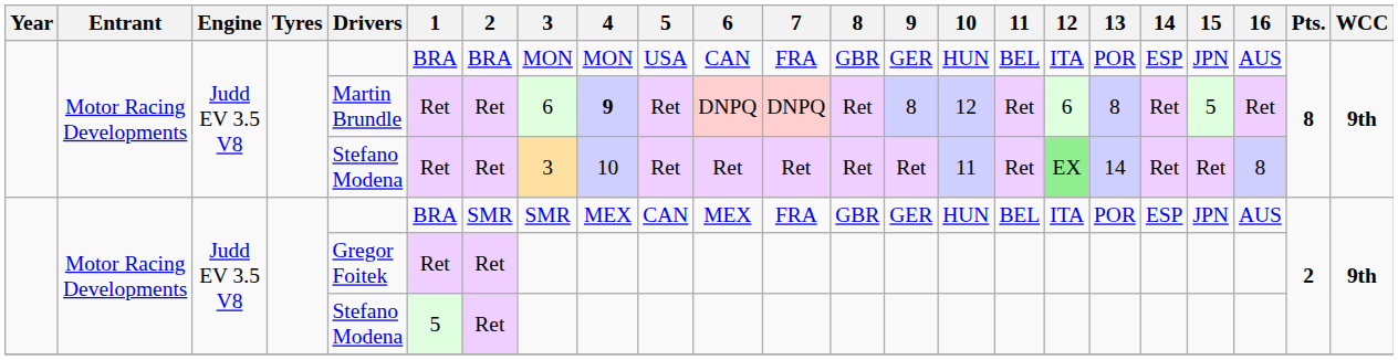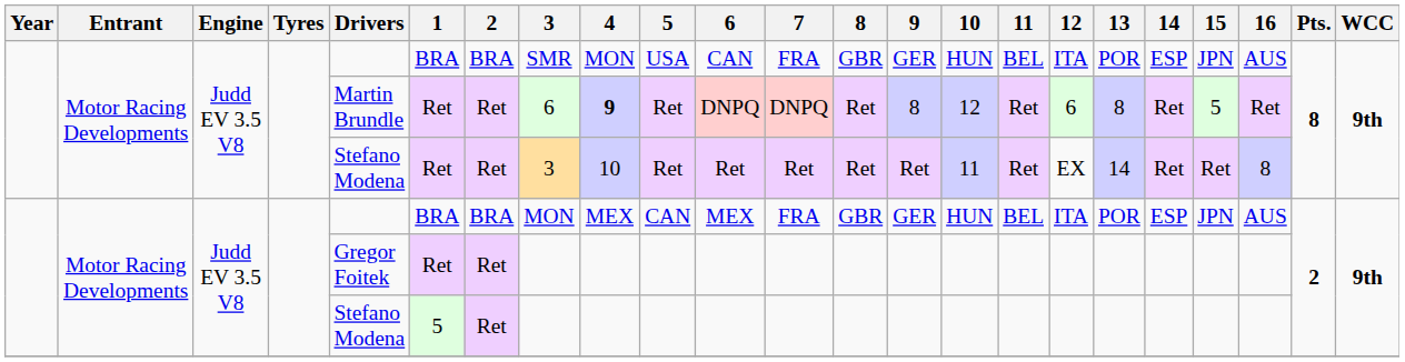 <table class="wikitable" style="text-align:center; font-size:95%">
 <tr>
 <th>Year</th>
 <th>Entrant</th>
 <th>Engine</th>
 <th>Tyres</th>
 <th>Drivers</th>
 <th>1</th>
 <th>2</th>
 <th>3</th>
 <th>4</th>
 <th>5</th>
 <th>6</th>
 <th>7</th>
 <th>8</th>
 <th>9</th>
 <th>10</th>
 <th>11</th>
 <th>12</th>
 <th>13</th>
 <th>14</th>
 <th>15</th>
 <th>16</th>
 <th>Pts.</th>
 <th>WCC</th>
 </tr>
 <tr>
 <td rowspan="3"></td>
 <td rowspan="3"><a href='#'>Motor Racing Developments</a></td>
 <td rowspan="3"><a href='#'>Judd</a><br>EV 3.5 <a href='#'>V8</a></td>
 <td rowspan="3"></td>
 <td></td>
 <td><a href='#'>BRA</a></td>
 <td><a href='#'>BRA</a></td>
-<td><a href='#'>MON</a></td>
+<td><a href='#'>SMR</a></td>
 <td><a href='#'>MON</a></td>
 <td><a href='#'>USA</a></td>
 <td><a href='#'>CAN</a></td>
 <td><a href='#'>FRA</a></td>
 <td><a href='#'>GBR</a></td>
 <td><a href='#'>GER</a></td>
 <td><a href='#'>HUN</a></td>
 <td><a href='#'>BEL</a></td>
 <td><a href='#'>ITA</a></td>
 <td><a href='#'>POR</a></td>
 <td><a href='#'>ESP</a></td>
 <td><a href='#'>JPN</a></td>
 <td><a href='#'>AUS</a></td>
 <td rowspan="3"><strong>8</strong></td>
 <td rowspan="3"><strong>9th</strong></td>
 </tr>
 <tr>
 <td align="left"><a href='#'>Martin Brundle</a></td>
 <td style="background:#efcfff;">Ret</td>
 <td style="background:#efcfff;">Ret</td>
 <td style="background:#dfffdf;">6</td>
 <td style="background:#cfcfff;"><strong>9</strong></td>
 <td style="background:#efcfff;">Ret</td>
 <td style="background:#ffcfcf;">DNPQ</td>
 <td style="background:#ffcfcf;">DNPQ</td>
 <td style="background:#efcfff;">Ret</td>
 <td style="background:#cfcfff;">8</td>
 <td style="background:#cfcfff;">12</td>
 <td style="background:#efcfff;">Ret</td>
 <td style="background:#dfffdf;">6</td>
 <td style="background:#cfcfff;">8</td>
 <td style="background:#efcfff;">Ret</td>
 <td style="background:#dfffdf;">5</td>
 <td style="background:#efcfff;">Ret</td>
 </tr>
 <tr>
 <td align="left"><a href='#'>Stefano Modena</a></td>
 <td style="background:#efcfff;">Ret</td>
 <td style="background:#efcfff;">Ret</td>
 <td style="background:#ffdf9f;">3</td>
 <td style="background:#cfcfff;">10</td>
 <td style="background:#efcfff;">Ret</td>
 <td style="background:#efcfff;">Ret</td>
 <td style="background:#efcfff;">Ret</td>
 <td style="background:#efcfff;">Ret</td>
 <td style="background:#efcfff;">Ret</td>
 <td style="background:#cfcfff;">11</td>
 <td style="background:#efcfff;">Ret</td>
-<td style="background: lightgreen;">EX</td>
+<td>EX</td>
 <td style="background:#cfcfff;">14</td>
 <td style="background:#efcfff;">Ret</td>
 <td style="background:#efcfff;">Ret</td>
 <td style="background:#cfcfff;">8</td>
 </tr>
 <tr>
 <td rowspan="3"></td>
 <td rowspan="3"><a href='#'>Motor Racing Developments</a></td>
 <td rowspan="3"><a href='#'>Judd</a><br>EV 3.5 <a href='#'>V8</a></td>
 <td rowspan="3"></td>
 <td></td>
 <td><a href='#'>BRA</a></td>
-<td><a href='#'>SMR</a></td>
-<td><a href='#'>SMR</a></td>
+<td><a href='#'>BRA</a></td>
+<td><a href='#'>MON</a></td>
 <td><a href='#'>MEX</a></td>
 <td><a href='#'>CAN</a></td>
 <td><a href='#'>MEX</a></td>
 <td><a href='#'>FRA</a></td>
 <td><a href='#'>GBR</a></td>
 <td><a href='#'>GER</a></td>
 <td><a href='#'>HUN</a></td>
 <td><a href='#'>BEL</a></td>
 <td><a href='#'>ITA</a></td>
 <td><a href='#'>POR</a></td>
 <td><a href='#'>ESP</a></td>
 <td><a href='#'>JPN</a></td>
 <td><a href='#'>AUS</a></td>
 <td rowspan="3"><strong>2</strong></td>
 <td rowspan="3"><strong>9th</strong></td>
 </tr>
 <tr>
 <td align="left"><a href='#'>Gregor Foitek</a></td>
 <td style="background:#efcfff;">Ret</td>
 <td style="background:#efcfff;">Ret</td>
 <td></td>
 <td></td>
 <td></td>
 <td></td>
 <td></td>
 <td></td>
 <td></td>
 <td></td>
 <td></td>
 <td></td>
 <td></td>
 <td></td>
 <td></td>
 <td></td>
 </tr>
 <tr>
 <td align="left"><a href='#'>Stefano Modena</a></td>
 <td style="background:#dfffdf;">5</td>
 <td style="background:#efcfff;">Ret</td>
 <td></td>
 <td></td>
 <td></td>
 <td></td>
 <td></td>
 <td></td>
 <td></td>
 <td></td>
 <td></td>
 <td></td>
 <td></td>
 <td></td>
 <td></td>
 <td></td>
 </tr>
 <tr>
 </tr>
 </table>
